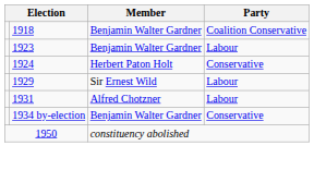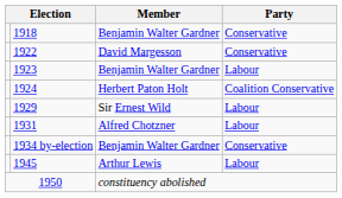 <table class="wikitable">
 <tr>
 <th colspan="2">Election</th>
 <th>Member</th>
 <th>Party</th>
 </tr>
 <tr>
 <td style="color:inherit;background-color: "></td>
 <td><a href='#'>1918</a></td>
 <td><a href='#'>Benjamin Walter Gardner</a></td>
-<td><a href='#'>Coalition Conservative</a></td>
+<td><a href='#'>Conservative</a></td>
+</tr>
+<tr>
+<td style="color:inherit;background-color: "></td>
+<td><a href='#'>1922</a></td>
+<td><a href='#'>David Margesson</a></td>
+<td><a href='#'>Conservative</a></td>
 </tr>
 <tr>
 <td style="color:inherit;background-color: "></td>
 <td><a href='#'>1923</a></td>
 <td><a href='#'>Benjamin Walter Gardner</a></td>
 <td><a href='#'>Labour</a></td>
 </tr>
 <tr>
 <td style="color:inherit;background-color: "></td>
 <td><a href='#'>1924</a></td>
 <td><a href='#'>Herbert Paton Holt</a></td>
-<td><a href='#'>Conservative</a></td>
+<td><a href='#'>Coalition Conservative</a></td>
 </tr>
 <tr>
 <td style="color:inherit;background-color: "></td>
 <td><a href='#'>1929</a></td>
 <td>Sir <a href='#'>Ernest Wild</a></td>
 <td><a href='#'>Labour</a></td>
 </tr>
 <tr>
 <td style="color:inherit;background-color: "></td>
 <td><a href='#'>1931</a></td>
 <td><a href='#'>Alfred Chotzner</a></td>
 <td><a href='#'>Labour</a></td>
 </tr>
 <tr>
 <td style="color:inherit;background-color: "></td>
 <td><a href='#'>1934 by-election</a></td>
 <td><a href='#'>Benjamin Walter Gardner</a></td>
 <td><a href='#'>Conservative</a></td>
 </tr>
 <tr>
+<td style="color:inherit;background-color: "></td>
+<td><a href='#'>1945</a></td>
+<td><a href='#'>Arthur Lewis</a></td>
+<td><a href='#'>Labour</a></td>
+</tr>
+<tr>
 <td colspan="2" align="center"><a href='#'>1950</a></td>
 <td colspan="2"><em>constituency abolished</em></td>
 </tr>
 </table>
